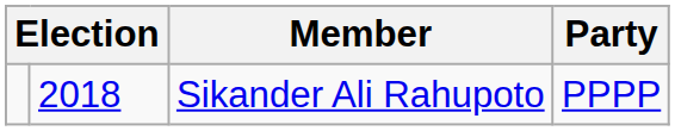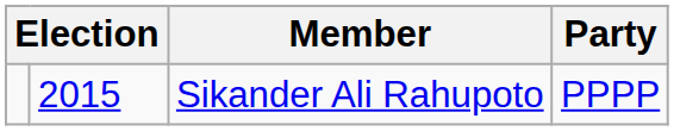 <table class="wikitable">
 <tr>
 <th colspan="2">Election</th>
 <th>Member</th>
 <th>Party</th>
 </tr>
 <tr>
 <td style="background-color: "></td>
-<td><a href='#'>2018</a></td>
+<td><a href='#'>2015</a></td>
 <td><a href='#'>Sikander Ali Rahupoto</a></td>
 <td><a href='#'>PPPP</a></td>
 </tr>
 </table>
